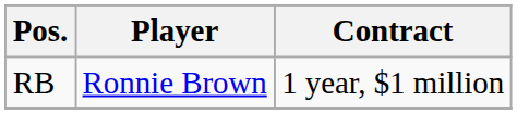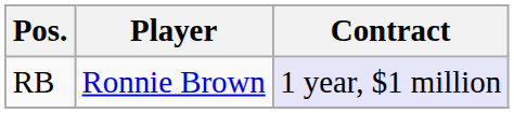 <table class="wikitable" style="font-size: 95%; text-align: left;">
 <tr>
 <th>Pos.</th>
 <th>Player</th>
 <th>Contract</th>
 </tr>
 <tr>
 <td>RB</td>
 <td><a href='#'>Ronnie Brown</a></td>
-<td>1 year, $1 million</td>
+<td style="background: lavender;">1 year, $1 million</td>
 </tr>
 <tr>
 </tr>
 </table>
